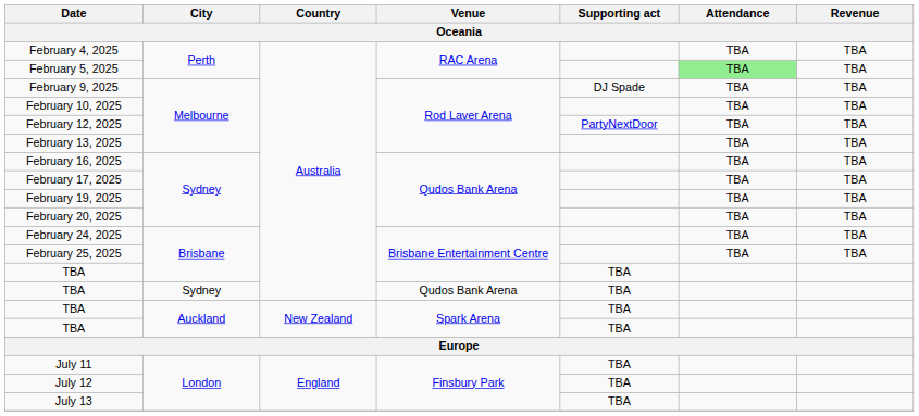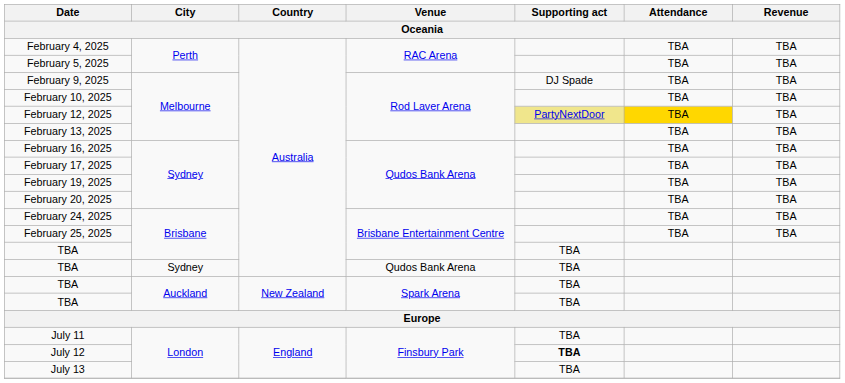 <table class="wikitable" style="text-align:center;">
 <tr>
 <th scope="col" style="width:12em;">Date</th>
 <th scope="col" style="width:10em;">City</th>
 <th scope="col" style="width:10em;">Country</th>
 <th scope="col" style="width:16em;">Venue</th>
 <th scope="col" style="width:10em;">Supporting act</th>
 <th scope="col" style="width:10em;">Attendance</th>
 <th scope="col" style="width:10em;">Revenue</th>
 </tr>
 <tr>
 <th colspan="7">Oceania</th>
 </tr>
 <tr>
 <td>February 4, 2025</td>
 <td rowspan="2"><a href='#'>Perth</a></td>
 <td rowspan="14"><a href='#'>Australia</a></td>
 <td rowspan="2"><a href='#'>RAC Arena</a></td>
 <td></td>
 <td>TBA</td>
 <td>TBA</td>
 </tr>
 <tr>
 <td>February 5, 2025</td>
 <td></td>
-<td style="background: lightgreen;">TBA</td>
+<td>TBA</td>
 <td>TBA</td>
 </tr>
 <tr>
 <td>February 9, 2025</td>
 <td rowspan="4"><a href='#'>Melbourne</a></td>
 <td rowspan="4"><a href='#'>Rod Laver Arena</a></td>
 <td>DJ Spade</td>
 <td>TBA</td>
 <td>TBA</td>
 </tr>
 <tr>
 <td>February 10, 2025</td>
 <td></td>
 <td>TBA</td>
 <td>TBA</td>
 </tr>
 <tr>
 <td>February 12, 2025</td>
-<td><a href='#'>PartyNextDoor</a></td>
-<td>TBA</td>
+<td style="background: khaki;"><a href='#'>PartyNextDoor</a></td>
+<td style="background: gold;">TBA</td>
 <td>TBA</td>
 </tr>
 <tr>
 <td>February 13, 2025</td>
 <td></td>
 <td>TBA</td>
 <td>TBA</td>
 </tr>
 <tr>
 <td>February 16, 2025</td>
 <td rowspan="4"><a href='#'>Sydney</a></td>
 <td rowspan="4"><a href='#'>Qudos Bank Arena</a></td>
 <td></td>
 <td>TBA</td>
 <td>TBA</td>
 </tr>
 <tr>
 <td>February 17, 2025</td>
 <td></td>
 <td>TBA</td>
 <td>TBA</td>
 </tr>
 <tr>
 <td>February 19, 2025</td>
 <td></td>
 <td>TBA</td>
 <td>TBA</td>
 </tr>
 <tr>
 <td>February 20, 2025</td>
 <td></td>
 <td>TBA</td>
 <td>TBA</td>
 </tr>
 <tr>
 <td>February 24, 2025</td>
 <td rowspan="3"><a href='#'>Brisbane</a></td>
 <td rowspan="3"><a href='#'>Brisbane Entertainment Centre</a></td>
 <td></td>
 <td>TBA</td>
 <td>TBA</td>
 </tr>
 <tr>
 <td>February 25, 2025</td>
 <td></td>
 <td>TBA</td>
 <td>TBA</td>
 </tr>
 <tr>
 <td>TBA</td>
 <td>TBA</td>
 <td></td>
 <td></td>
 </tr>
 <tr>
 <td>TBA</td>
 <td>Sydney</td>
 <td>Qudos Bank Arena</td>
 <td>TBA</td>
 <td></td>
 <td></td>
 </tr>
 <tr>
 <td>TBA</td>
 <td rowspan="2"><a href='#'>Auckland</a></td>
 <td rowspan="2"><a href='#'>New Zealand</a></td>
 <td rowspan="2"><a href='#'>Spark Arena</a></td>
 <td>TBA</td>
 <td></td>
 <td></td>
 </tr>
 <tr>
 <td>TBA</td>
 <td>TBA</td>
 <td></td>
 <td></td>
 </tr>
 <tr>
 <th colspan="7">Europe</th>
 </tr>
 <tr>
 <td>July 11</td>
 <td rowspan="3"><a href='#'>London</a></td>
 <td rowspan="3"><a href='#'>England</a></td>
 <td rowspan="3"><a href='#'>Finsbury Park</a></td>
 <td>TBA</td>
 <td></td>
 <td></td>
 </tr>
 <tr>
 <td>July 12</td>
-<td>TBA</td>
+<td><strong>TBA</strong></td>
 <td></td>
 <td></td>
 </tr>
 <tr>
 <td>July 13</td>
 <td>TBA</td>
 <td></td>
 <td></td>
 </tr>
 <tr>
 </tr>
 </table>
